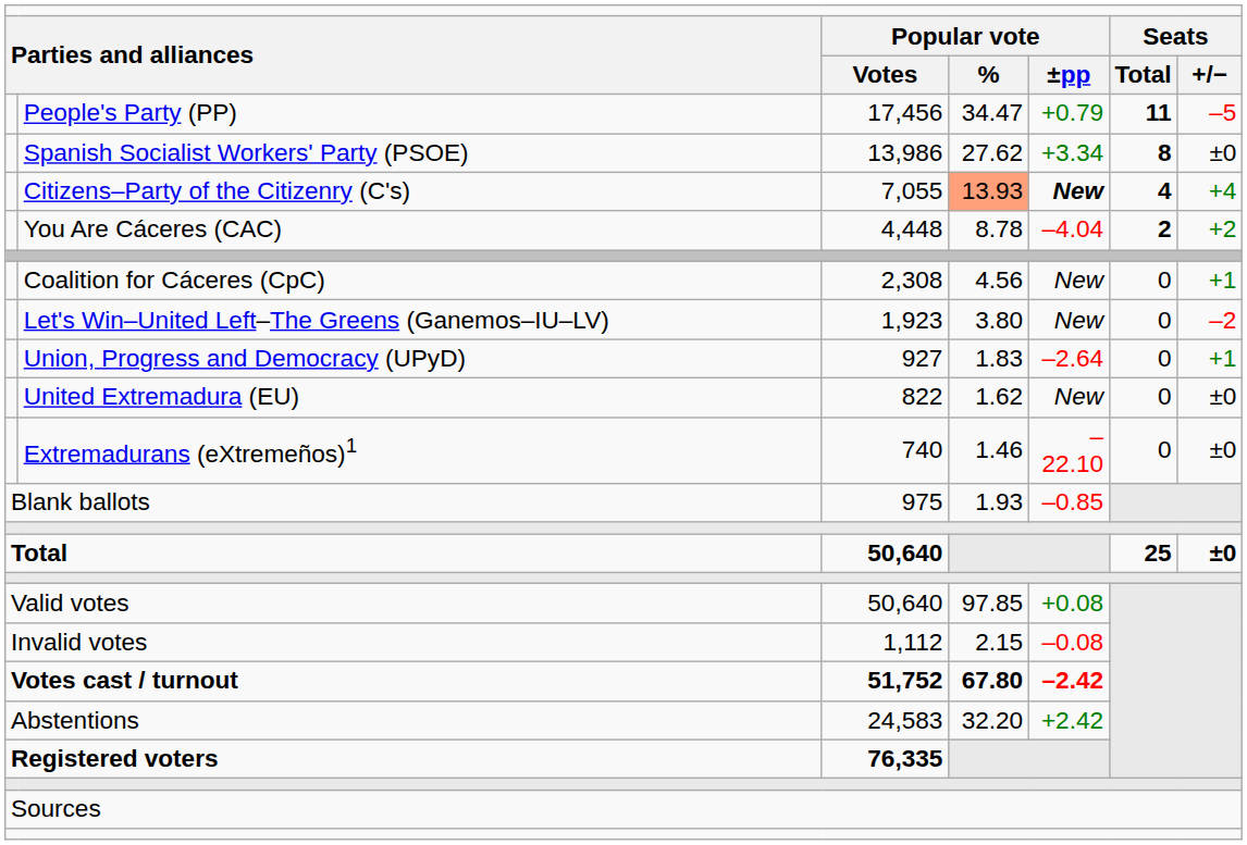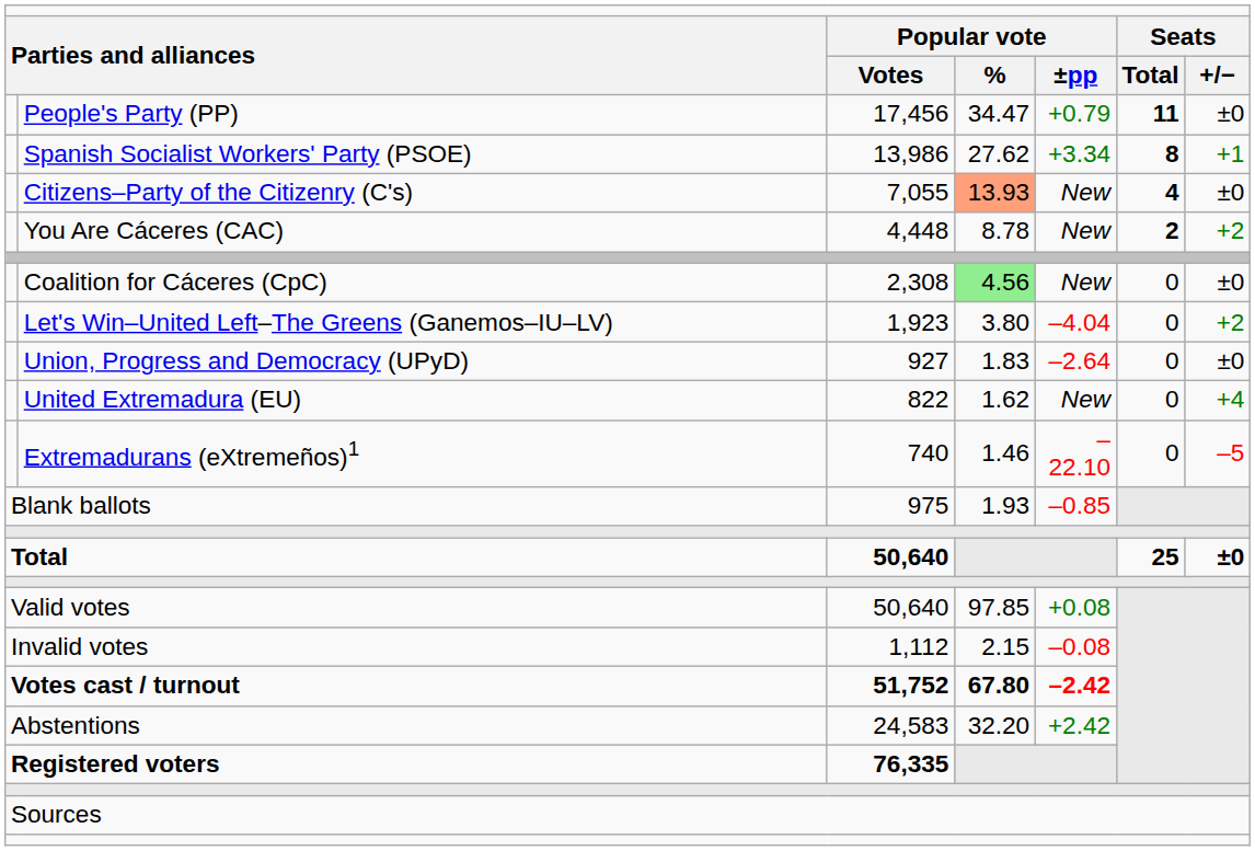 <table class="wikitable" style="text-align:right;">
 <tr>
 <td colspan="7"></td>
 </tr>
 <tr>
 <th style="text-align:left;" rowspan="2" colspan="2" width="525">Parties and alliances</th>
 <th colspan="3">Popular vote</th>
 <th colspan="2">Seats</th>
 </tr>
 <tr>
 <th width="75">Votes</th>
 <th width="45">%</th>
 <th width="45">±<a href='#'>pp</a></th>
 <th width="35">Total</th>
 <th width="35">+/−</th>
 </tr>
 <tr>
 <td width="1" style="color:inherit;background:"></td>
 <td align="left"><a href='#'>People's Party</a> (PP)</td>
 <td>17,456</td>
 <td>34.47</td>
 <td style="color:green;">+0.79</td>
 <td><strong>11</strong></td>
-<td style="color:red;">–5</td>
+<td>±0</td>
 </tr>
 <tr>
 <td style="color:inherit;background:"></td>
 <td align="left"><a href='#'>Spanish Socialist Workers' Party</a> (PSOE)</td>
 <td>13,986</td>
 <td>27.62</td>
 <td style="color:green;">+3.34</td>
 <td><strong>8</strong></td>
-<td>±0</td>
+<td style="color:green;">+1</td>
 </tr>
 <tr>
 <td style="color:inherit;background:"></td>
 <td align="left"><a href='#'>Citizens–Party of the Citizenry</a> (C's)</td>
 <td>7,055</td>
 <td style="background: lightsalmon;">13.93</td>
-<td><strong><em>New</em></strong></td>
+<td><em>New</em></td>
 <td><strong>4</strong></td>
-<td style="color:green;">+4</td>
+<td>±0</td>
 </tr>
 <tr>
 <td style="color:inherit;background:"></td>
 <td align="left">You Are Cáceres (CAC)</td>
 <td>4,448</td>
 <td>8.78</td>
-<td style="color:red;">–4.04</td>
+<td><em>New</em></td>
 <td><strong>2</strong></td>
 <td style="color:green;">+2</td>
 </tr>
 <tr>
 <td colspan="7" bgcolor="#C0C0C0"></td>
 </tr>
 <tr>
 <td style="color:inherit;background:"></td>
 <td align="left">Coalition for Cáceres (CpC)</td>
 <td>2,308</td>
-<td>4.56</td>
+<td style="background: lightgreen;">4.56</td>
 <td><em>New</em></td>
 <td>0</td>
-<td style="color:green;">+1</td>
+<td>±0</td>
 </tr>
 <tr>
 <td style="color:inherit;background:"></td>
 <td align="left"><a href='#'>Let's Win–United Left</a>–<a href='#'>The Greens</a> (Ganemos–IU–LV)</td>
 <td>1,923</td>
 <td>3.80</td>
-<td><em>New</em></td>
+<td style="color:red;">–4.04</td>
 <td>0</td>
-<td style="color:red;">–2</td>
+<td style="color:green;">+2</td>
 </tr>
 <tr>
 <td style="color:inherit;background:"></td>
 <td align="left"><a href='#'>Union, Progress and Democracy</a> (UPyD)</td>
 <td>927</td>
 <td>1.83</td>
 <td style="color:red;">–2.64</td>
 <td>0</td>
-<td style="color:green;">+1</td>
+<td>±0</td>
 </tr>
 <tr>
 <td style="color:inherit;background:"></td>
 <td align="left"><a href='#'>United Extremadura</a> (EU)</td>
 <td>822</td>
 <td>1.62</td>
 <td><em>New</em></td>
 <td>0</td>
-<td>±0</td>
+<td style="color:green;">+4</td>
 </tr>
 <tr>
 <td style="color:inherit;background:"></td>
 <td align="left"><a href='#'>Extremadurans</a> (eXtremeños)<sup>1</sup></td>
 <td>740</td>
 <td>1.46</td>
 <td style="color:red;">–22.10</td>
 <td>0</td>
-<td>±0</td>
+<td style="color:red;">–5</td>
 </tr>
 <tr>
 <td align="left" colspan="2">Blank ballots</td>
 <td>975</td>
 <td>1.93</td>
 <td style="color:red;">–0.85</td>
 <td bgcolor="#E9E9E9" colspan="2"></td>
 </tr>
 <tr>
 <td colspan="7" bgcolor="#E9E9E9"></td>
 </tr>
 <tr style="font-weight:bold;">
 <td align="left" colspan="2">Total</td>
 <td>50,640</td>
 <td bgcolor="#E9E9E9" colspan="2"></td>
 <td>25</td>
 <td>±0</td>
 </tr>
 <tr>
 <td colspan="7" bgcolor="#E9E9E9"></td>
 </tr>
 <tr>
 <td align="left" colspan="2">Valid votes</td>
 <td>50,640</td>
 <td>97.85</td>
 <td style="color:green;">+0.08</td>
 <td bgcolor="#E9E9E9" colspan="2" rowspan="5"></td>
 </tr>
 <tr>
 <td align="left" colspan="2">Invalid votes</td>
 <td>1,112</td>
 <td>2.15</td>
 <td style="color:red;">–0.08</td>
 </tr>
 <tr style="font-weight:bold;">
 <td align="left" colspan="2">Votes cast / turnout</td>
 <td>51,752</td>
 <td>67.80</td>
 <td style="color:red;">–2.42</td>
 </tr>
 <tr>
 <td align="left" colspan="2">Abstentions</td>
 <td>24,583</td>
 <td>32.20</td>
 <td style="color:green;">+2.42</td>
 </tr>
 <tr style="font-weight:bold;">
 <td align="left" colspan="2">Registered voters</td>
 <td>76,335</td>
 <td bgcolor="#E9E9E9" colspan="2"></td>
 </tr>
 <tr>
 <td colspan="7" bgcolor="#E9E9E9"></td>
 </tr>
 <tr>
 <td align="left" colspan="7">Sources</td>
 </tr>
 <tr>
 <td colspan="7" style="text-align:left; max-width:790px;"></td>
 </tr>
 </table>
